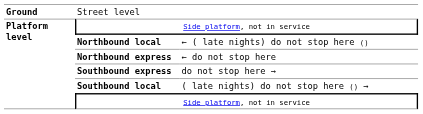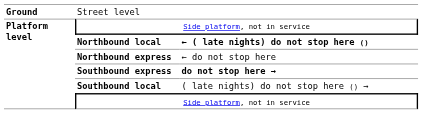 <table table border=0 cellspacing=0 cellpadding=3>
 <tr>
 <td style="border-top:solid 1px gray;" width=100><strong>Ground</strong></td>
 <td style="border-top:solid 1px gray;" colspan=2>Street level</td>
 </tr>
 <tr>
 <td style="border-top:solid 1px gray;border-bottom:solid 1px gray;" rowspan=8 valign=top><strong>Platform level</strong></td>
 <td style="border-top:solid 1px gray;border-right:solid 2px black;border-left:solid 2px black;border-bottom:solid 2px black;text-align:center;" colspan=2><small><a href='#'>Side platform</a>, not in service</small></td>
 </tr>
 <tr>
 <td width=150><span><strong>Northbound local</strong></span></td>
-<td width=350>←  ( late nights) do not stop here <small>()</small></td>
+<td width=350><strong>←  ( late nights) do not stop here <small>()</small></strong></td>
 </tr>
 <tr>
 <td style="border-top:solid 1px gray;"><span><strong>Northbound express</strong></span></td>
 <td style="border-top:solid 1px gray;">←  do not stop here</td>
 </tr>
 <tr>
 <td style="border-top:solid 1px gray;"><span><strong>Southbound express</strong></span></td>
-<td style="border-top:solid 1px gray;">  do not stop here →</td>
+<td style="border-top:solid 1px gray;"><strong>  do not stop here →</strong></td>
 </tr>
 <tr>
 <td style="border-top:solid 1px gray;"><span><strong>Southbound local</strong></span></td>
 <td style="border-top:solid 1px gray;">  ( late nights) do not stop here <small>()</small> →</td>
 </tr>
 <tr>
 <td style="border-bottom:solid 1px gray;border-top:solid 2px black;border-right:solid 2px black;border-left:solid 2px black;text-align:center;" colspan=2><small><a href='#'>Side platform</a>, not in service</small></td>
 </tr>
 </table>
